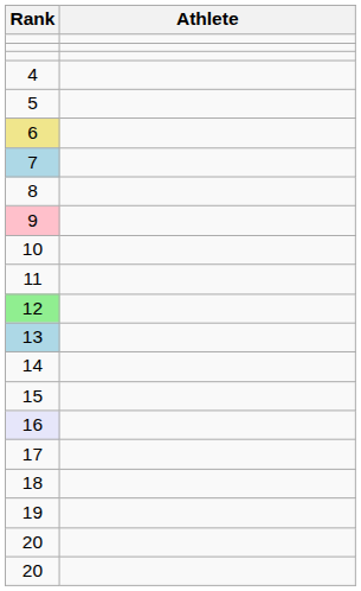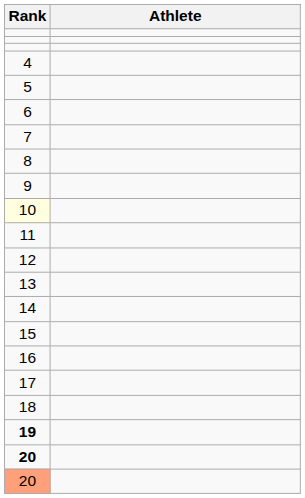 <table class="wikitable" style="text-align: center;">
 <tr>
 <th width=40>Rank</th>
 <th width=250>Athlete</th>
 </tr>
 <tr>
 <td></td>
 <td align="left"></td>
 </tr>
 <tr>
 <td></td>
 <td align="left"></td>
 </tr>
 <tr>
 <td></td>
 <td align="left"></td>
 </tr>
 <tr>
 <td>4</td>
 <td align="left"></td>
 </tr>
 <tr>
 <td>5</td>
 <td align="left"></td>
 </tr>
 <tr>
-<td style="background: khaki;">6</td>
+<td>6</td>
 <td align="left"></td>
 </tr>
 <tr>
-<td style="background: lightblue;">7</td>
+<td>7</td>
 <td align="left"></td>
 </tr>
 <tr>
 <td>8</td>
 <td align="left"></td>
 </tr>
 <tr>
-<td style="background: pink;">9</td>
+<td>9</td>
 <td align="left"></td>
 </tr>
 <tr>
-<td>10</td>
+<td style="background: lightyellow;">10</td>
 <td align="left"></td>
 </tr>
 <tr>
 <td>11</td>
 <td align="left"></td>
 </tr>
 <tr>
-<td style="background: lightgreen;">12</td>
+<td>12</td>
 <td align="left"></td>
 </tr>
 <tr>
-<td style="background: lightblue;">13</td>
+<td>13</td>
 <td align="left"></td>
 </tr>
 <tr>
 <td>14</td>
 <td align="left"></td>
 </tr>
 <tr>
 <td>15</td>
 <td align="left"></td>
 </tr>
 <tr>
-<td style="background: lavender;">16</td>
+<td>16</td>
 <td align="left"></td>
 </tr>
 <tr>
 <td>17</td>
 <td align="left"></td>
 </tr>
 <tr>
 <td>18</td>
 <td align="left"></td>
 </tr>
 <tr>
-<td>19</td>
+<td><strong>19</strong></td>
 <td align="left"></td>
 </tr>
 <tr>
-<td>20</td>
+<td><strong>20</strong></td>
 <td align="left"></td>
 </tr>
 <tr>
-<td>20</td>
+<td style="background: lightsalmon;">20</td>
 <td align="left"></td>
 </tr>
 </table>
